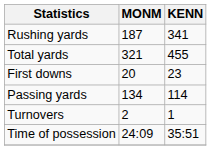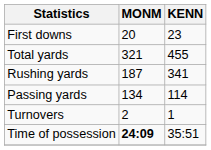 <table class="wikitable">
 <tr>
 <th>Statistics</th>
 <th>MONM</th>
 <th>KENN</th>
 </tr>
 <tr>
-<td>Rushing yards</td>
-<td>187</td>
-<td>341</td>
+<td>First downs</td>
+<td>20</td>
+<td>23</td>
 </tr>
 <tr>
 <td>Total yards</td>
 <td>321</td>
 <td>455</td>
 </tr>
 <tr>
-<td>First downs</td>
-<td>20</td>
-<td>23</td>
+<td>Rushing yards</td>
+<td>187</td>
+<td>341</td>
 </tr>
 <tr>
 <td>Passing yards</td>
 <td>134</td>
 <td>114</td>
 </tr>
 <tr>
 <td>Turnovers</td>
 <td>2</td>
 <td>1</td>
 </tr>
 <tr>
 <td>Time of possession</td>
-<td>24:09</td>
+<td><strong>24:09</strong></td>
 <td>35:51</td>
 </tr>
 <tr>
 </tr>
 </table>
